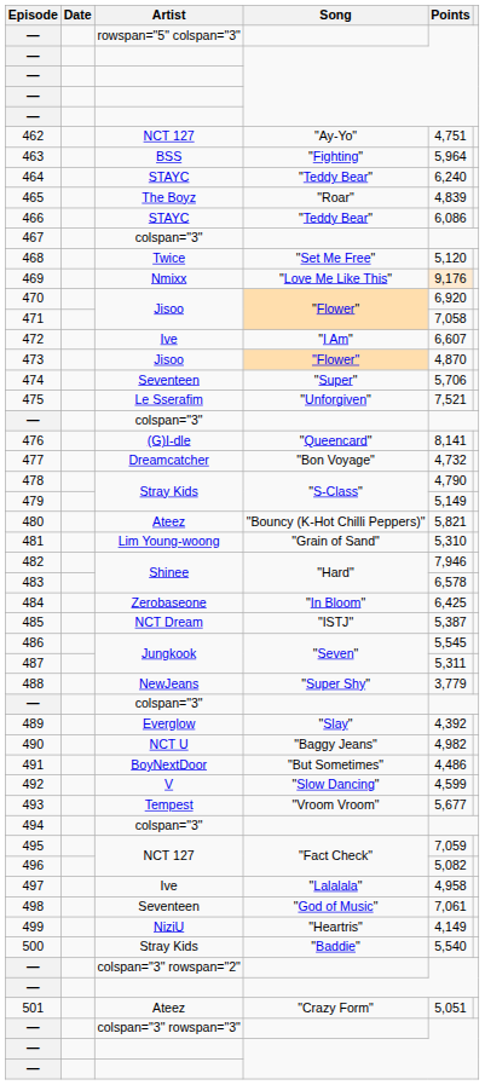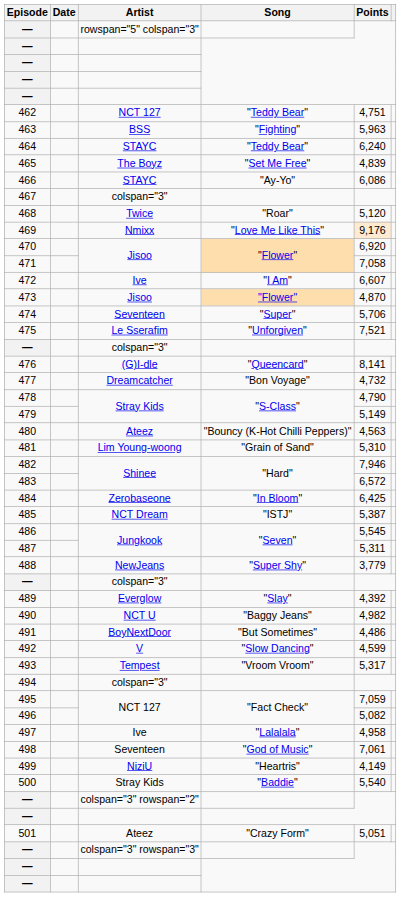 <table class="wikitable sortable plainrowheaders" style="text-align:center">
 <tr>
 <th scope="col">Episode</th>
 <th scope="col">Date</th>
 <th scope="col">Artist</th>
 <th scope="col">Song</th>
 <th scope="col">Points</th>
 <th class=unsortable></th>
 </tr>
 <tr>
 <th scope="row">—</th>
 <td></td>
 <td>rowspan="5" colspan="3" </td>
 <td></td>
 </tr>
 <tr>
 <th scope="row">—</th>
 <td></td>
 <td></td>
 </tr>
 <tr>
 <th scope="row">—</th>
 <td></td>
 <td></td>
 </tr>
 <tr>
 <th scope="row">—</th>
 <td></td>
 <td></td>
 </tr>
 <tr>
 <th scope="row">—</th>
 <td></td>
 <td></td>
 </tr>
 <tr>
 <td>462</td>
 <td></td>
 <td><a href='#'>NCT 127</a></td>
-<td>"Ay-Yo"</td>
+<td>"<a href='#'>Teddy Bear</a>"</td>
 <td>4,751</td>
 <td></td>
 </tr>
 <tr>
 <td>463</td>
 <td></td>
 <td><a href='#'>BSS</a></td>
 <td>"<a href='#'>Fighting</a>"</td>
-<td>5,964</td>
+<td>5,963</td>
 <td></td>
 </tr>
 <tr>
 <td>464</td>
 <td></td>
 <td><a href='#'>STAYC</a></td>
 <td>"<a href='#'>Teddy Bear</a>"</td>
 <td>6,240</td>
 <td></td>
 </tr>
 <tr>
 <td>465</td>
 <td></td>
 <td><a href='#'>The Boyz</a></td>
-<td>"Roar"</td>
+<td>"<a href='#'>Set Me Free</a>"</td>
 <td>4,839</td>
 <td></td>
 </tr>
 <tr>
 <td>466</td>
 <td></td>
 <td><a href='#'>STAYC</a></td>
-<td>"<a href='#'>Teddy Bear</a>"</td>
+<td>"Ay-Yo"</td>
 <td>6,086</td>
 <td></td>
 </tr>
 <tr>
 <td>467</td>
 <td></td>
 <td>colspan="3" </td>
 <td></td>
 </tr>
 <tr>
 <td>468</td>
 <td></td>
 <td><a href='#'>Twice</a></td>
-<td>"<a href='#'>Set Me Free</a>"</td>
+<td>"Roar"</td>
 <td>5,120</td>
 <td></td>
 </tr>
 <tr>
 <td>469</td>
 <td></td>
 <td><a href='#'>Nmixx</a></td>
 <td>"<a href='#'>Love Me Like This</a>"</td>
 <td style="background:#FFEBD2">9,176</td>
 <td></td>
 </tr>
 <tr>
 <td>470</td>
 <td></td>
 <td rowspan="2"><a href='#'>Jisoo</a></td>
 <td rowspan="2" style="background:#FFDEAD">"<a href='#'>Flower</a>"</td>
 <td>6,920</td>
 <td></td>
 </tr>
 <tr>
 <td>471</td>
 <td></td>
 <td>7,058</td>
 <td></td>
 </tr>
 <tr>
 <td>472</td>
 <td></td>
 <td><a href='#'>Ive</a></td>
 <td>"<a href='#'>I Am</a>"</td>
 <td>6,607</td>
 <td></td>
 </tr>
 <tr>
 <td>473</td>
 <td></td>
 <td><a href='#'>Jisoo</a></td>
 <td style="background:#FFDEAD"><a href='#'>"Flower"</a></td>
 <td>4,870</td>
 <td></td>
 </tr>
 <tr>
 <td>474</td>
 <td></td>
 <td><a href='#'>Seventeen</a></td>
 <td>"<a href='#'>Super</a>"</td>
 <td>5,706</td>
 <td></td>
 </tr>
 <tr>
 <td>475</td>
 <td></td>
 <td><a href='#'>Le Sserafim</a></td>
 <td>"<a href='#'>Unforgiven</a>"</td>
 <td>7,521</td>
 <td></td>
 </tr>
 <tr>
 <th scope="row">—</th>
 <td></td>
 <td>colspan="3" </td>
 <td></td>
 </tr>
 <tr>
 <td>476</td>
 <td></td>
 <td><a href='#'>(G)I-dle</a></td>
 <td>"<a href='#'>Queencard</a>"</td>
 <td>8,141</td>
 <td></td>
 </tr>
 <tr>
 <td>477</td>
 <td></td>
 <td><a href='#'>Dreamcatcher</a></td>
 <td>"Bon Voyage"</td>
 <td>4,732</td>
 <td></td>
 </tr>
 <tr>
 <td>478</td>
 <td></td>
 <td rowspan="2"><a href='#'>Stray Kids</a></td>
 <td rowspan="2">"<a href='#'>S-Class</a>"</td>
 <td>4,790</td>
 <td></td>
 </tr>
 <tr>
 <td>479</td>
 <td></td>
 <td>5,149</td>
 <td></td>
 </tr>
 <tr>
 <td>480</td>
 <td></td>
 <td><a href='#'>Ateez</a></td>
 <td>"Bouncy (K-Hot Chilli Peppers)"</td>
-<td>5,821</td>
+<td>4,563</td>
 <td></td>
 </tr>
 <tr>
 <td>481</td>
 <td></td>
 <td><a href='#'>Lim Young-woong</a></td>
 <td>"Grain of Sand"</td>
 <td>5,310</td>
 <td></td>
 </tr>
 <tr>
 <td>482</td>
 <td></td>
 <td rowspan="2"><a href='#'>Shinee</a></td>
 <td rowspan="2">"Hard"</td>
 <td>7,946</td>
 <td></td>
 </tr>
 <tr>
 <td>483</td>
 <td></td>
-<td>6,578</td>
+<td>6,572</td>
 <td></td>
 </tr>
 <tr>
 <td>484</td>
 <td></td>
 <td><a href='#'>Zerobaseone</a></td>
 <td>"<a href='#'>In Bloom</a>"</td>
 <td>6,425</td>
 <td></td>
 </tr>
 <tr>
 <td>485</td>
 <td></td>
 <td><a href='#'>NCT Dream</a></td>
 <td>"ISTJ"</td>
 <td>5,387</td>
 <td></td>
 </tr>
 <tr>
 <td>486</td>
 <td></td>
 <td rowspan="2"><a href='#'>Jungkook</a></td>
 <td rowspan="2">"<a href='#'>Seven</a>"</td>
 <td>5,545</td>
 <td></td>
 </tr>
 <tr>
 <td>487</td>
 <td></td>
 <td>5,311</td>
 <td></td>
 </tr>
 <tr>
 <td>488</td>
 <td></td>
 <td><a href='#'>NewJeans</a></td>
 <td>"<a href='#'>Super Shy</a>"</td>
 <td>3,779</td>
 <td></td>
 </tr>
 <tr>
 <th scope="row">—</th>
 <td></td>
 <td>colspan="3" </td>
 <td></td>
 </tr>
 <tr>
 <td>489</td>
 <td></td>
 <td><a href='#'>Everglow</a></td>
 <td>"<a href='#'>Slay</a>"</td>
 <td>4,392</td>
 <td></td>
 </tr>
 <tr>
 <td>490</td>
 <td></td>
 <td><a href='#'>NCT U</a></td>
 <td>"Baggy Jeans"</td>
 <td>4,982</td>
 <td></td>
 </tr>
 <tr>
 <td>491</td>
 <td></td>
 <td><a href='#'>BoyNextDoor</a></td>
 <td>"But Sometimes"</td>
 <td>4,486</td>
 <td></td>
 </tr>
 <tr>
 <td>492</td>
 <td></td>
 <td><a href='#'>V</a></td>
 <td>"<a href='#'>Slow Dancing</a>"</td>
 <td>4,599</td>
 <td></td>
 </tr>
 <tr>
 <td>493</td>
 <td></td>
 <td><a href='#'>Tempest</a></td>
 <td>"Vroom Vroom"</td>
-<td>5,677</td>
+<td>5,317</td>
 <td></td>
 </tr>
 <tr>
 <td>494</td>
 <td></td>
 <td>colspan="3" </td>
 <td></td>
 </tr>
 <tr>
 <td>495</td>
 <td></td>
 <td rowspan="2">NCT 127</td>
 <td rowspan="2">"Fact Check"</td>
 <td>7,059</td>
 <td></td>
 </tr>
 <tr>
 <td>496</td>
 <td></td>
 <td>5,082</td>
 <td></td>
 </tr>
 <tr>
 <td>497</td>
 <td></td>
 <td>Ive</td>
 <td>"<a href='#'>Lalalala</a>"</td>
 <td>4,958</td>
 <td></td>
 </tr>
 <tr>
 <td>498</td>
 <td></td>
 <td>Seventeen</td>
 <td>"<a href='#'>God of Music</a>"</td>
 <td>7,061</td>
 <td></td>
 </tr>
 <tr>
 <td>499</td>
 <td></td>
 <td><a href='#'>NiziU</a></td>
 <td>"Heartris"</td>
 <td>4,149</td>
 <td></td>
 </tr>
 <tr>
 <td>500</td>
 <td></td>
 <td>Stray Kids</td>
 <td>"<a href='#'>Baddie</a>"</td>
 <td>5,540</td>
 <td></td>
 </tr>
 <tr>
 <th scope="row">—</th>
 <td></td>
 <td>colspan="3" rowspan="2" </td>
 <td></td>
 </tr>
 <tr>
 <th scope="row">—</th>
 <td></td>
 <td></td>
 </tr>
 <tr>
 <td>501</td>
 <td></td>
 <td>Ateez</td>
 <td>"Crazy Form"</td>
 <td>5,051</td>
 <td></td>
 </tr>
 <tr>
 <th scope="row">—</th>
 <td></td>
 <td>colspan="3" rowspan="3" </td>
 <td></td>
 </tr>
 <tr>
 <th scope="row">—</th>
 <td></td>
 <td></td>
 </tr>
 <tr>
 <th scope="row">—</th>
 <td></td>
 <td></td>
 </tr>
 </table>
